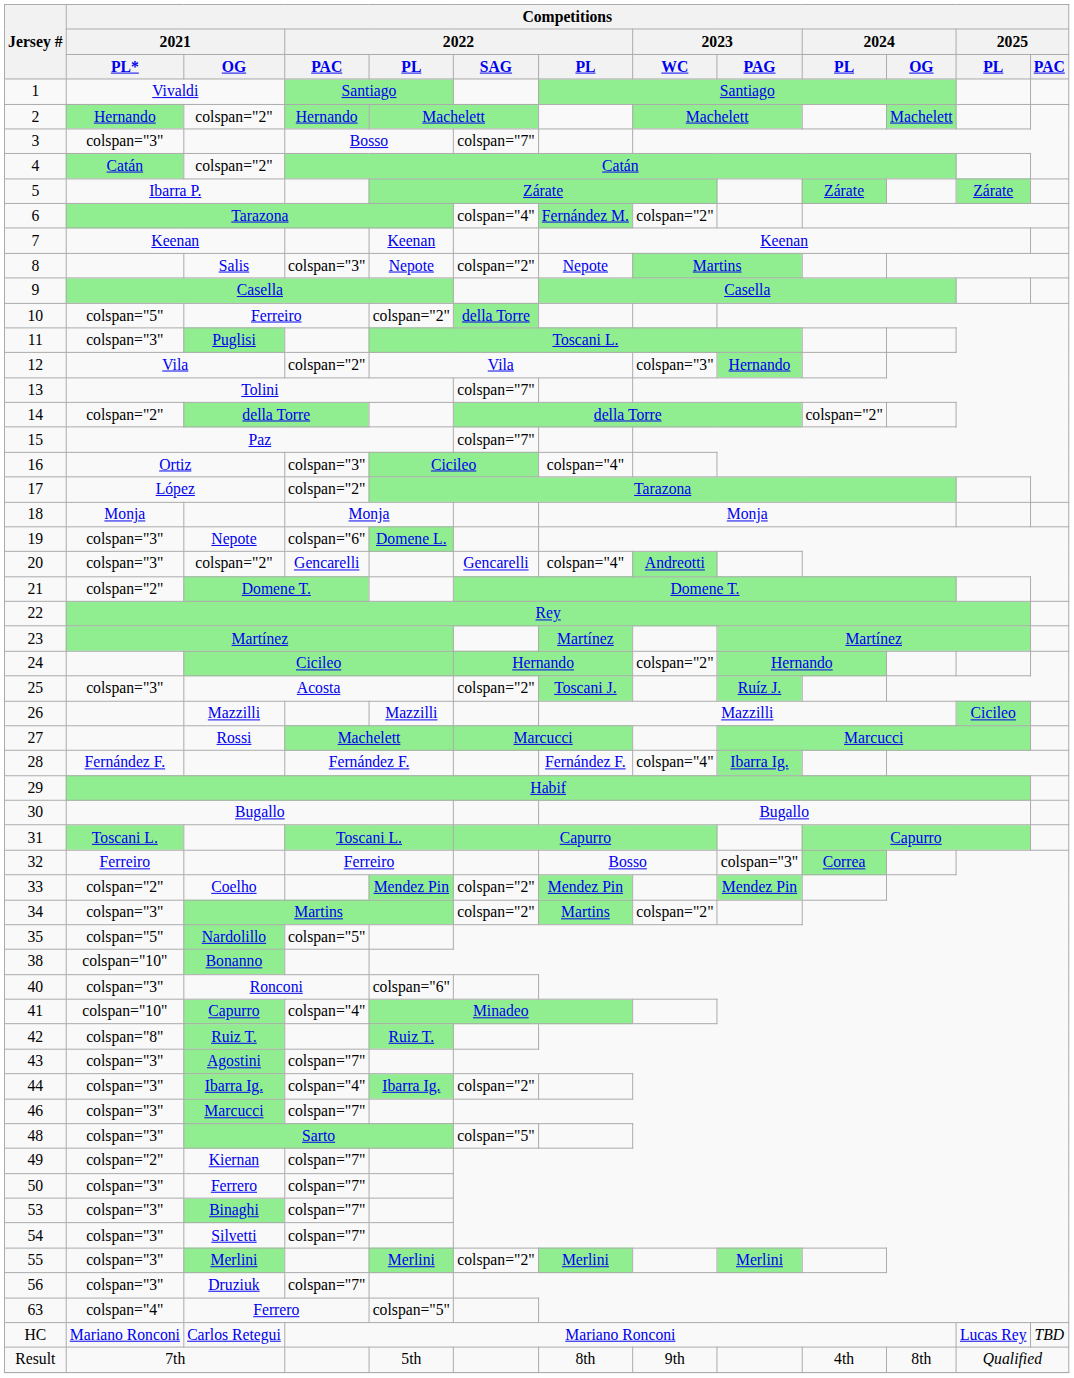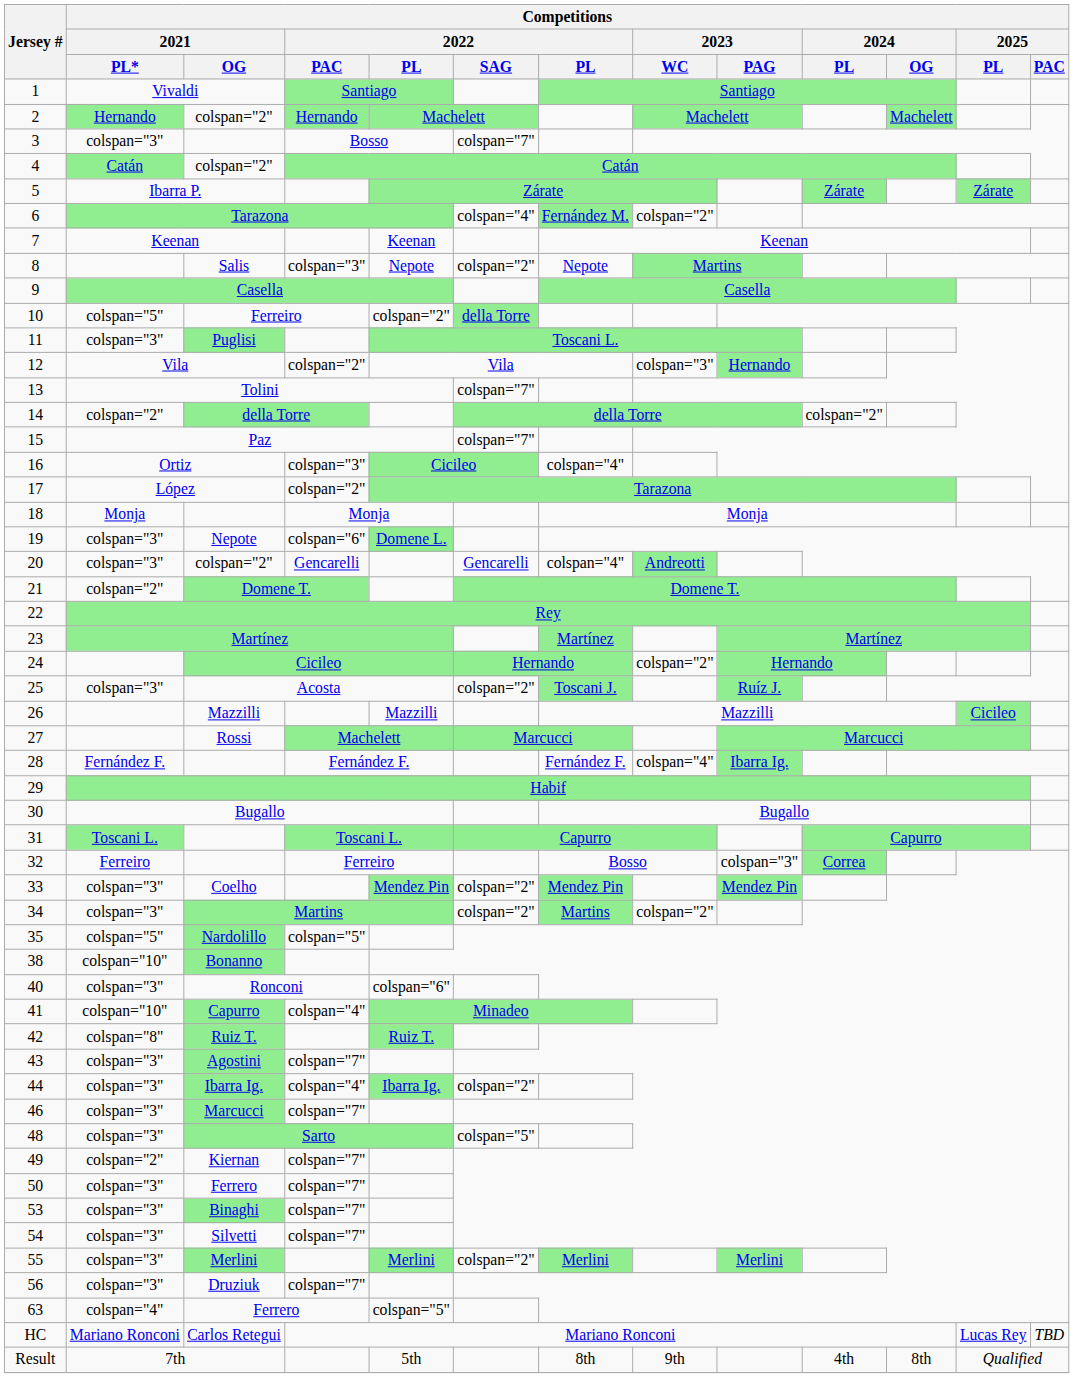 <table class="wikitable" style="text-align:center">
 <tr>
 <th rowspan="3">Jersey #</th>
 <th colspan="12">Competitions</th>
 </tr>
 <tr>
 <th colspan="2">2021</th>
 <th colspan="4">2022</th>
 <th colspan="2">2023</th>
 <th colspan="2">2024</th>
 <th colspan="2">2025</th>
 </tr>
 <tr>
 <th><a href='#'>PL*</a></th>
 <th><a href='#'>OG</a></th>
 <th><a href='#'>PAC</a></th>
 <th><a href='#'>PL</a></th>
 <th><a href='#'>SAG</a></th>
 <th><a href='#'>PL</a></th>
 <th><a href='#'>WC</a></th>
 <th><a href='#'>PAG</a></th>
 <th><a href='#'>PL</a></th>
 <th><a href='#'>OG</a></th>
 <th><a href='#'>PL</a></th>
 <th><a href='#'>PAC</a></th>
 </tr>
 <tr>
 <td>1</td>
 <td colspan="2"><a href='#'>Vivaldi</a></td>
 <td colspan="2"bgcolor="lightgreen"><a href='#'>Santiago</a></td>
 <td></td>
 <td colspan="5"bgcolor="lightgreen"><a href='#'>Santiago</a></td>
 <td></td>
 <td></td>
 </tr>
 <tr>
 <td>2</td>
 <td bgcolor="lightgreen"><a href='#'>Hernando</a></td>
 <td>colspan="2"</td>
 <td bgcolor="lightgreen"><a href='#'>Hernando</a></td>
 <td colspan="2"bgcolor="lightgreen"><a href='#'>Machelett</a></td>
 <td></td>
 <td colspan="2"bgcolor="lightgreen"><a href='#'>Machelett</a></td>
 <td></td>
 <td bgcolor="lightgreen"><a href='#'>Machelett</a></td>
 <td></td>
 </tr>
 <tr>
 <td>3</td>
 <td>colspan="3"</td>
 <td></td>
 <td colspan="2"><a href='#'>Bosso</a></td>
 <td>colspan="7"</td>
 <td></td>
 </tr>
 <tr>
 <td>4</td>
 <td bgcolor="lightgreen"><a href='#'>Catán</a></td>
 <td>colspan="2"</td>
 <td colspan="8"bgcolor="lightgreen"><a href='#'>Catán</a></td>
 <td></td>
 </tr>
 <tr>
 <td>5</td>
 <td colspan="2"><a href='#'>Ibarra P.</a></td>
 <td></td>
 <td colspan="4"bgcolor="lightgreen"><a href='#'>Zárate</a></td>
 <td></td>
 <td bgcolor="lightgreen"><a href='#'>Zárate</a></td>
 <td></td>
 <td bgcolor="lightgreen"><a href='#'>Zárate</a></td>
 <td></td>
 </tr>
 <tr>
 <td>6</td>
 <td colspan="4"bgcolor="lightgreen"><a href='#'>Tarazona</a></td>
 <td>colspan="4"</td>
 <td bgcolor="lightgreen"><a href='#'>Fernández M.</a></td>
 <td>colspan="2"</td>
 <td></td>
 </tr>
 <tr>
 <td>7</td>
 <td colspan="2"><a href='#'>Keenan</a></td>
 <td></td>
 <td><a href='#'>Keenan</a></td>
 <td></td>
 <td colspan="6"><a href='#'>Keenan</a></td>
 <td></td>
 </tr>
 <tr>
 <td>8</td>
 <td></td>
 <td><a href='#'>Salis</a></td>
 <td>colspan="3"</td>
 <td><a href='#'>Nepote</a></td>
 <td>colspan="2"</td>
 <td><a href='#'>Nepote</a></td>
 <td colspan="2"bgcolor="lightgreen"><a href='#'>Martins</a></td>
 <td></td>
 </tr>
 <tr>
 <td>9</td>
 <td colspan="4"bgcolor="lightgreen"><a href='#'>Casella</a></td>
 <td></td>
 <td colspan="5"bgcolor="lightgreen"><a href='#'>Casella</a></td>
 <td></td>
 <td></td>
 </tr>
 <tr>
 <td>10</td>
 <td>colspan="5"</td>
 <td colspan="2"><a href='#'>Ferreiro</a></td>
 <td>colspan="2"</td>
 <td bgcolor="lightgreen"><a href='#'>della Torre</a></td>
 <td></td>
 <td></td>
 </tr>
 <tr>
 <td>11</td>
 <td>colspan="3"</td>
 <td bgcolor="lightgreen"><a href='#'>Puglisi</a></td>
 <td></td>
 <td colspan="5"bgcolor="lightgreen"><a href='#'>Toscani L.</a></td>
 <td></td>
 <td></td>
 </tr>
 <tr>
 <td>12</td>
 <td colspan="2"><a href='#'>Vila</a></td>
 <td>colspan="2"</td>
 <td colspan="3"><a href='#'>Vila</a></td>
 <td>colspan="3"</td>
 <td bgcolor="lightgreen"><a href='#'>Hernando</a></td>
 <td></td>
 </tr>
 <tr>
 <td>13</td>
 <td colspan="4"><a href='#'>Tolini</a></td>
 <td>colspan="7"</td>
 <td></td>
 </tr>
 <tr>
 <td>14</td>
 <td>colspan="2"</td>
 <td colspan="2"bgcolor="lightgreen"><a href='#'>della Torre</a></td>
 <td></td>
 <td colspan="4"bgcolor="lightgreen"><a href='#'>della Torre</a></td>
 <td>colspan="2"</td>
 <td></td>
 </tr>
 <tr>
 <td>15</td>
 <td colspan="4"><a href='#'>Paz</a></td>
 <td>colspan="7"</td>
 <td></td>
 </tr>
 <tr>
 <td>16</td>
 <td colspan="2"><a href='#'>Ortiz</a></td>
 <td>colspan="3"</td>
 <td colspan="2"bgcolor="lightgreen"><a href='#'>Cicileo</a></td>
 <td>colspan="4"</td>
 <td></td>
 </tr>
 <tr>
 <td>17</td>
 <td colspan="2"><a href='#'>López</a></td>
 <td>colspan="2"</td>
 <td colspan="7"bgcolor="lightgreen"><a href='#'>Tarazona</a></td>
 <td></td>
 </tr>
 <tr>
 <td>18</td>
 <td><a href='#'>Monja</a></td>
 <td></td>
 <td colspan="2"><a href='#'>Monja</a></td>
 <td></td>
 <td colspan="5"><a href='#'>Monja</a></td>
 <td></td>
 <td></td>
 </tr>
 <tr>
 <td>19</td>
 <td>colspan="3"</td>
 <td><a href='#'>Nepote</a></td>
 <td>colspan="6"</td>
 <td bgcolor="lightgreen"><a href='#'>Domene L.</a></td>
 <td></td>
 </tr>
 <tr>
 <td>20</td>
 <td>colspan="3"</td>
 <td>colspan="2"</td>
 <td><a href='#'>Gencarelli</a></td>
 <td></td>
 <td><a href='#'>Gencarelli</a></td>
 <td>colspan="4"</td>
 <td bgcolor="lightgreen"><a href='#'>Andreotti</a></td>
 <td></td>
 </tr>
 <tr>
 <td>21</td>
 <td>colspan="2"</td>
 <td colspan="2"bgcolor="lightgreen"><a href='#'>Domene T.</a></td>
 <td></td>
 <td colspan="6"bgcolor="lightgreen"><a href='#'>Domene T.</a></td>
 <td></td>
 </tr>
 <tr>
 <td>22</td>
 <td colspan="11"bgcolor="lightgreen"><a href='#'>Rey</a></td>
 <td></td>
 </tr>
 <tr>
 <td>23</td>
 <td colspan="4"bgcolor="lightgreen"><a href='#'>Martínez</a></td>
 <td></td>
 <td bgcolor="lightgreen"><a href='#'>Martínez</a></td>
 <td></td>
 <td colspan="4"bgcolor="lightgreen"><a href='#'>Martínez</a></td>
 <td></td>
 </tr>
 <tr>
 <td>24</td>
 <td></td>
 <td colspan="3"bgcolor="lightgreen"><a href='#'>Cicileo</a></td>
 <td colspan="2"bgcolor="lightgreen"><a href='#'>Hernando</a></td>
 <td>colspan="2"</td>
 <td colspan="2"bgcolor="lightgreen"><a href='#'>Hernando</a></td>
 <td></td>
 <td></td>
 </tr>
 <tr>
 <td>25</td>
 <td>colspan="3"</td>
 <td colspan="3"><a href='#'>Acosta</a></td>
 <td>colspan="2"</td>
 <td bgcolor="lightgreen"><a href='#'>Toscani J.</a></td>
 <td></td>
 <td bgcolor="lightgreen"><a href='#'>Ruíz J.</a></td>
 <td></td>
 </tr>
 <tr>
 <td>26</td>
 <td></td>
 <td><a href='#'>Mazzilli</a></td>
 <td></td>
 <td><a href='#'>Mazzilli</a></td>
 <td></td>
 <td colspan="5"><a href='#'>Mazzilli</a></td>
 <td bgcolor="lightgreen"><a href='#'>Cicileo</a></td>
 <td></td>
 </tr>
 <tr>
 <td>27</td>
 <td></td>
 <td><a href='#'>Rossi</a></td>
 <td colspan="2"bgcolor="lightgreen"><a href='#'>Machelett</a></td>
 <td colspan="2"bgcolor="lightgreen"><a href='#'>Marcucci</a></td>
 <td></td>
 <td colspan="4"bgcolor="lightgreen"><a href='#'>Marcucci</a></td>
 <td></td>
 </tr>
 <tr>
 <td>28</td>
 <td><a href='#'>Fernández F.</a></td>
 <td></td>
 <td colspan="2"><a href='#'>Fernández F.</a></td>
 <td></td>
 <td><a href='#'>Fernández F.</a></td>
 <td>colspan="4"</td>
 <td bgcolor="lightgreen"><a href='#'>Ibarra Ig.</a></td>
 <td></td>
 </tr>
 <tr>
 <td>29</td>
 <td colspan="11"bgcolor="lightgreen"><a href='#'>Habif</a></td>
 <td></td>
 </tr>
 <tr>
 <td>30</td>
 <td colspan="4"><a href='#'>Bugallo</a></td>
 <td></td>
 <td colspan="6"><a href='#'>Bugallo</a></td>
 <td></td>
 </tr>
 <tr>
 <td>31</td>
 <td bgcolor="lightgreen"><a href='#'>Toscani L.</a></td>
 <td></td>
 <td colspan="2"bgcolor="lightgreen"><a href='#'>Toscani L.</a></td>
 <td colspan="3"bgcolor="lightgreen"><a href='#'>Capurro</a></td>
 <td></td>
 <td colspan="3"bgcolor="lightgreen"><a href='#'>Capurro</a></td>
 <td></td>
 </tr>
 <tr>
 <td>32</td>
 <td><a href='#'>Ferreiro</a></td>
 <td></td>
 <td colspan="2"><a href='#'>Ferreiro</a></td>
 <td></td>
 <td colspan="2"><a href='#'>Bosso</a></td>
 <td>colspan="3"</td>
 <td bgcolor="lightgreen"><a href='#'>Correa</a></td>
 <td></td>
 </tr>
 <tr>
 <td>33</td>
-<td>colspan="2"</td>
+<td>colspan="3"</td>
 <td><a href='#'>Coelho</a></td>
 <td></td>
 <td bgcolor="lightgreen"><a href='#'>Mendez Pin</a></td>
 <td>colspan="2"</td>
 <td bgcolor="lightgreen"><a href='#'>Mendez Pin</a></td>
 <td></td>
 <td bgcolor="lightgreen"><a href='#'>Mendez Pin</a></td>
 <td></td>
 </tr>
 <tr>
 <td>34</td>
 <td>colspan="3"</td>
 <td colspan="3"bgcolor="lightgreen"><a href='#'>Martins</a></td>
 <td>colspan="2"</td>
 <td bgcolor="lightgreen"><a href='#'>Martins</a></td>
 <td>colspan="2"</td>
 <td></td>
 </tr>
 <tr>
 <td>35</td>
 <td>colspan="5"</td>
 <td bgcolor="lightgreen"><a href='#'>Nardolillo</a></td>
 <td>colspan="5"</td>
 <td></td>
 </tr>
 <tr>
 <td>38</td>
 <td>colspan="10"</td>
 <td bgcolor="lightgreen"><a href='#'>Bonanno</a></td>
 <td></td>
 </tr>
 <tr>
 <td>40</td>
 <td>colspan="3"</td>
 <td colspan="2"><a href='#'>Ronconi</a></td>
 <td>colspan="6"</td>
 <td></td>
 </tr>
 <tr>
 <td>41</td>
 <td>colspan="10"</td>
 <td bgcolor="lightgreen"><a href='#'>Capurro</a></td>
 <td>colspan="4"</td>
 <td colspan="3"bgcolor="lightgreen"><a href='#'>Minadeo</a></td>
 <td></td>
 </tr>
 <tr>
 <td>42</td>
 <td>colspan="8"</td>
 <td bgcolor="lightgreen"><a href='#'>Ruiz T.</a></td>
 <td></td>
 <td bgcolor="lightgreen"><a href='#'>Ruiz T.</a></td>
 <td></td>
 </tr>
 <tr>
 <td>43</td>
 <td>colspan="3"</td>
 <td bgcolor="lightgreen"><a href='#'>Agostini</a></td>
 <td>colspan="7"</td>
 <td></td>
 </tr>
 <tr>
 <td>44</td>
 <td>colspan="3"</td>
 <td bgcolor="lightgreen"><a href='#'>Ibarra Ig.</a></td>
 <td>colspan="4"</td>
 <td bgcolor="lightgreen"><a href='#'>Ibarra Ig.</a></td>
 <td>colspan="2"</td>
 <td></td>
 </tr>
 <tr>
 <td>46</td>
 <td>colspan="3"</td>
 <td bgcolor="lightgreen"><a href='#'>Marcucci</a></td>
 <td>colspan="7"</td>
 <td></td>
 </tr>
 <tr>
 <td>48</td>
 <td>colspan="3"</td>
 <td colspan="3"bgcolor="lightgreen"><a href='#'>Sarto</a></td>
 <td>colspan="5"</td>
 <td></td>
 </tr>
 <tr>
 <td>49</td>
 <td>colspan="2"</td>
 <td><a href='#'>Kiernan</a></td>
 <td>colspan="7"</td>
 <td></td>
 </tr>
 <tr>
 <td>50</td>
 <td>colspan="3"</td>
 <td><a href='#'>Ferrero</a></td>
 <td>colspan="7"</td>
 <td></td>
 </tr>
 <tr>
 <td>53</td>
 <td>colspan="3"</td>
 <td bgcolor="lightgreen"><a href='#'>Binaghi</a></td>
 <td>colspan="7"</td>
 <td></td>
 </tr>
 <tr>
 <td>54</td>
 <td>colspan="3"</td>
 <td><a href='#'>Silvetti</a></td>
 <td>colspan="7"</td>
 <td></td>
 </tr>
 <tr>
 <td>55</td>
 <td>colspan="3"</td>
 <td bgcolor="lightgreen"><a href='#'>Merlini</a></td>
 <td></td>
 <td bgcolor="lightgreen"><a href='#'>Merlini</a></td>
 <td>colspan="2"</td>
 <td bgcolor="lightgreen"><a href='#'>Merlini</a></td>
 <td></td>
 <td bgcolor="lightgreen"><a href='#'>Merlini</a></td>
 <td></td>
 </tr>
 <tr>
 <td>56</td>
 <td>colspan="3"</td>
 <td><a href='#'>Druziuk</a></td>
 <td>colspan="7"</td>
 <td></td>
 </tr>
 <tr>
 <td>63</td>
 <td>colspan="4"</td>
 <td colspan="2"><a href='#'>Ferrero</a></td>
 <td>colspan="5"</td>
 <td></td>
 </tr>
 <tr>
 <td>HC</td>
 <td><a href='#'>Mariano Ronconi</a></td>
 <td><a href='#'>Carlos Retegui</a></td>
 <td colspan="8"><a href='#'>Mariano Ronconi</a></td>
 <td><a href='#'>Lucas Rey</a></td>
 <td><em>TBD</em></td>
 </tr>
 <tr>
 <td>Result</td>
 <td colspan="2">7th</td>
 <td></td>
 <td>5th</td>
 <td></td>
 <td>8th</td>
 <td>9th</td>
 <td></td>
 <td>4th</td>
 <td>8th</td>
 <td colspan="2"><em>Qualified</em></td>
 </tr>
 <tr>
 </tr>
 </table>
